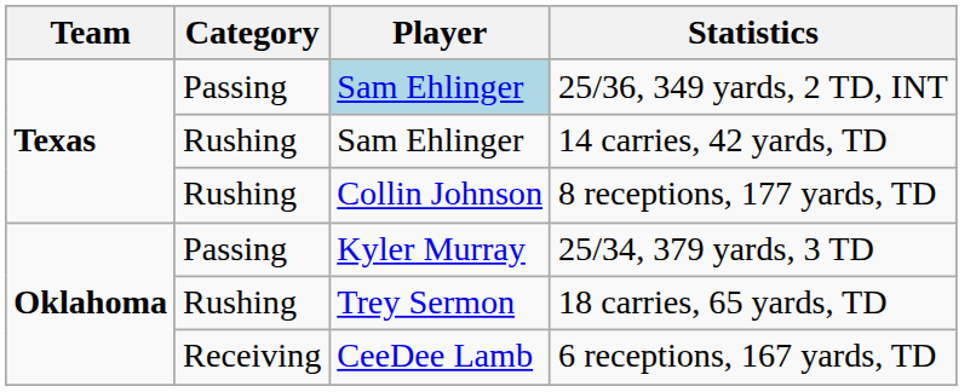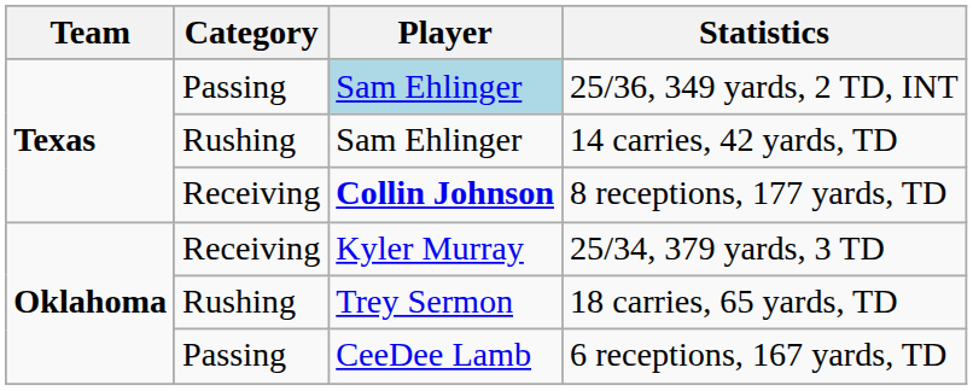 <table class="wikitable">
 <tr>
 <th>Team</th>
 <th>Category</th>
 <th>Player</th>
 <th>Statistics</th>
 </tr>
 <tr |>
 <td rowspan=3><strong>Texas</strong></td>
 <td>Passing</td>
 <td style="background: lightblue;"><a href='#'>Sam Ehlinger</a></td>
 <td>25/36, 349 yards, 2 TD, INT</td>
 </tr>
 <tr>
 <td>Rushing</td>
 <td>Sam Ehlinger</td>
 <td>14 carries, 42 yards, TD</td>
 </tr>
 <tr>
-<td>Rushing</td>
-<td><a href='#'>Collin Johnson</a></td>
+<td>Receiving</td>
+<td><strong><a href='#'>Collin Johnson</a></strong></td>
 <td>8 receptions, 177 yards, TD</td>
 </tr>
 <tr>
 <td rowspan=3><strong>Oklahoma</strong></td>
-<td>Passing</td>
+<td>Receiving</td>
 <td><a href='#'>Kyler Murray</a></td>
 <td>25/34, 379 yards, 3 TD</td>
 </tr>
 <tr>
 <td>Rushing</td>
 <td><a href='#'>Trey Sermon</a></td>
 <td>18 carries, 65 yards, TD</td>
 </tr>
 <tr>
-<td>Receiving</td>
+<td>Passing</td>
 <td><a href='#'>CeeDee Lamb</a></td>
 <td>6 receptions, 167 yards, TD</td>
 </tr>
 </table>
